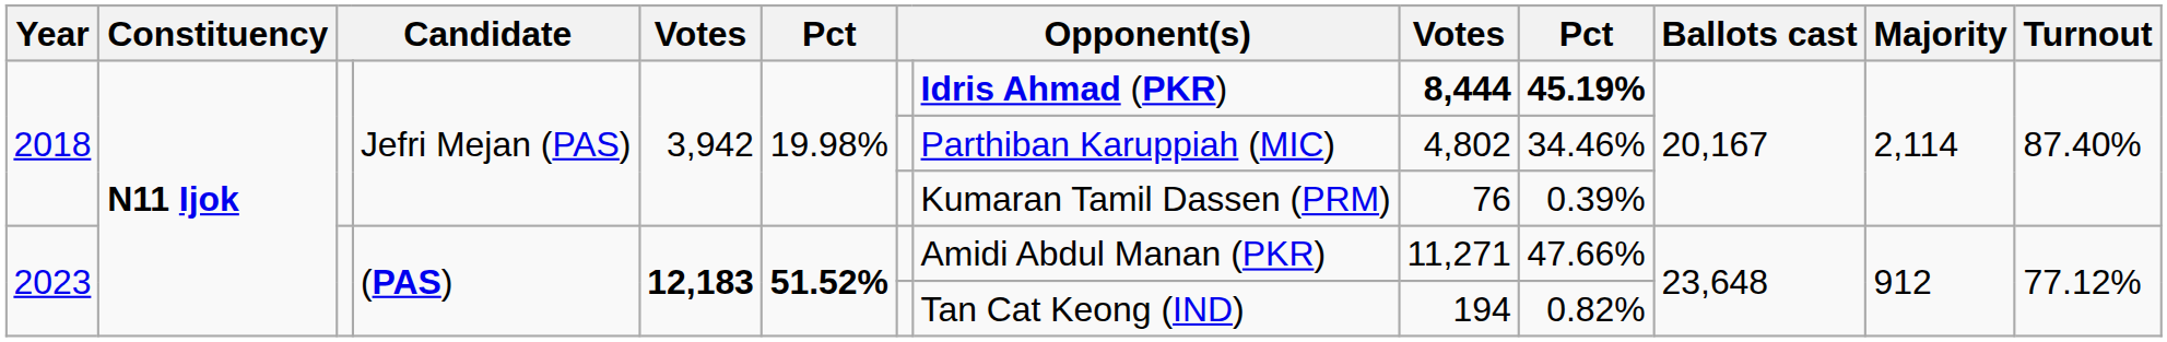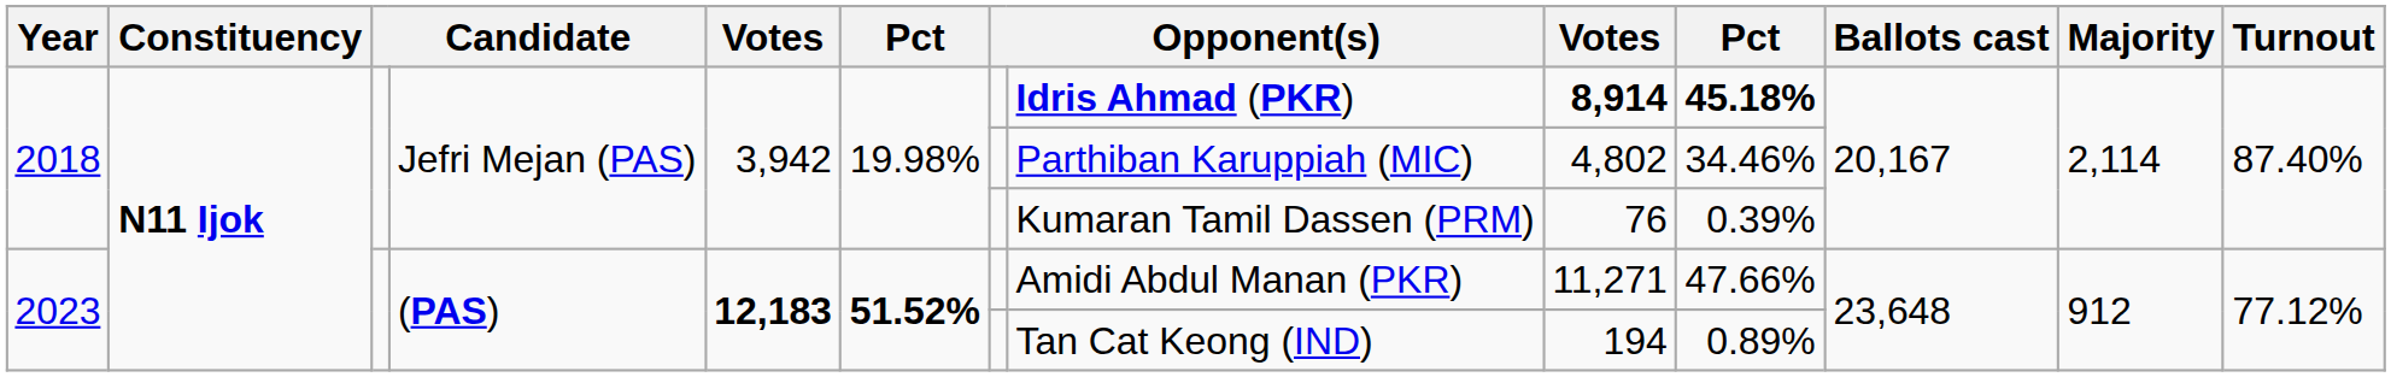 <table class="wikitable" style="margin:0.5em ; font-size:95%">
 <tr>
 <th>Year</th>
 <th>Constituency</th>
 <th colspan=2>Candidate</th>
 <th>Votes</th>
 <th>Pct</th>
 <th colspan=2>Opponent(s)</th>
 <th>Votes</th>
 <th>Pct</th>
 <th>Ballots cast</th>
 <th>Majority</th>
 <th>Turnout</th>
 </tr>
 <tr>
 <td rowspan=3><a href='#'>2018</a></td>
 <td rowspan=5><strong>N11 <a href='#'>Ijok</a></strong></td>
 <td rowspan=3 ></td>
 <td rowspan=3>Jefri Mejan (<a href='#'>PAS</a>)</td>
 <td rowspan=3 align=right>3,942</td>
 <td rowspan=3>19.98%</td>
 <td></td>
 <td><strong><a href='#'>Idris Ahmad</a></strong> (<a href='#'><strong>PKR</strong></a>)</td>
-<td align=right><strong>8,444</strong></td>
-<td><strong>45.19%</strong></td>
+<td align=right><strong>8,914</strong></td>
+<td><strong>45.18%</strong></td>
 <td rowspan=3>20,167</td>
 <td rowspan=3>2,114</td>
 <td rowspan=3>87.40%</td>
 </tr>
 <tr>
 <td></td>
 <td><a href='#'>Parthiban Karuppiah</a> (<a href='#'>MIC</a>)</td>
 <td align=right>4,802</td>
 <td>34.46%</td>
 </tr>
 <tr>
 <td bgcolor=></td>
 <td>Kumaran Tamil Dassen (<a href='#'>PRM</a>)</td>
 <td align=right>76</td>
 <td align=right>0.39%</td>
 </tr>
 <tr>
 <td rowspan=2><a href='#'>2023</a></td>
 <td rowspan=2></td>
 <td rowspan=2> (<a href='#'><strong>PAS</strong></a>)</td>
 <td rowspan=2 align=right><strong>12,183</strong></td>
 <td rowspan=2><strong>51.52%</strong></td>
 <td></td>
 <td>Amidi Abdul Manan (<a href='#'>PKR</a>)</td>
 <td align=right>11,271</td>
 <td>47.66%</td>
 <td rowspan=2>23,648</td>
 <td rowspan=2>912</td>
 <td rowspan=2>77.12%</td>
 </tr>
 <tr>
 <td></td>
 <td>Tan Cat Keong (<a href='#'>IND</a>)</td>
 <td align=right>194</td>
-<td align=right>0.82%</td>
+<td align=right>0.89%</td>
 </tr>
 </table>
